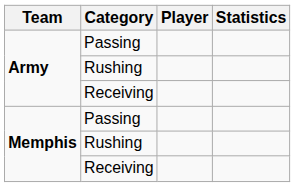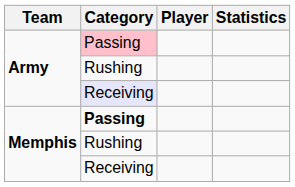 <table class="wikitable" style="float: left;">
 <tr>
 <th>Team</th>
 <th>Category</th>
 <th>Player</th>
 <th>Statistics</th>
 </tr>
 <tr>
 <td rowspan=3><strong>Army</strong></td>
-<td>Passing</td>
+<td style="background: pink;">Passing</td>
 <td></td>
 <td></td>
 </tr>
 <tr>
 <td>Rushing</td>
 <td></td>
 <td></td>
 </tr>
 <tr>
-<td>Receiving</td>
+<td style="background: lavender;">Receiving</td>
 <td></td>
 <td></td>
 </tr>
 <tr>
 <td rowspan=3><strong>Memphis</strong></td>
-<td>Passing</td>
+<td><strong>Passing</strong></td>
 <td></td>
 <td></td>
 </tr>
 <tr>
 <td>Rushing</td>
 <td></td>
 <td></td>
 </tr>
 <tr>
 <td>Receiving</td>
 <td></td>
 <td></td>
 </tr>
 </table>
